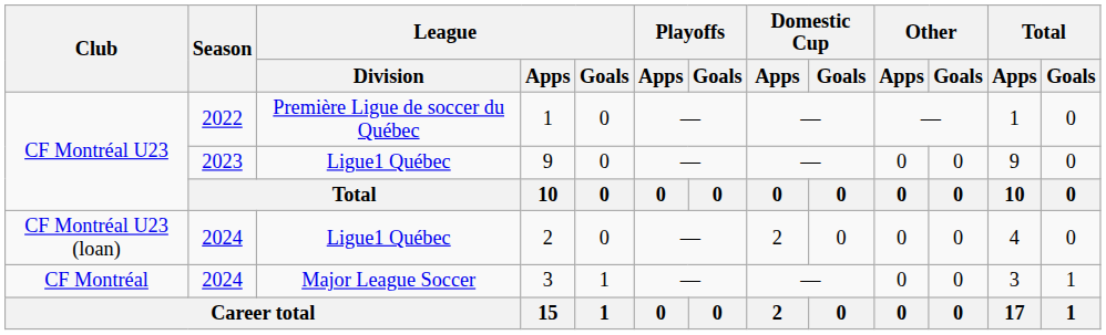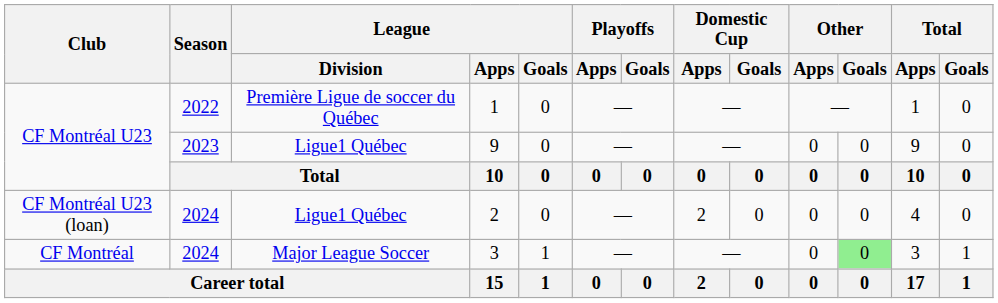 <table class="wikitable" style="text-align:center">
 <tr>
 <th rowspan="2">Club</th>
 <th rowspan="2">Season</th>
 <th colspan="3">League</th>
 <th colspan="2">Playoffs</th>
 <th colspan="2">Domestic Cup</th>
 <th colspan="2">Other</th>
 <th colspan="2">Total</th>
 </tr>
 <tr>
 <th>Division</th>
 <th>Apps</th>
 <th>Goals</th>
 <th>Apps</th>
 <th>Goals</th>
 <th>Apps</th>
 <th>Goals</th>
 <th>Apps</th>
 <th>Goals</th>
 <th>Apps</th>
 <th>Goals</th>
 </tr>
 <tr>
 <td rowspan="3"><a href='#'>CF Montréal U23</a></td>
 <td><a href='#'>2022</a></td>
 <td><a href='#'>Première Ligue de soccer du Québec</a></td>
 <td>1</td>
 <td>0</td>
 <td colspan="2">—</td>
 <td colspan="2">—</td>
 <td colspan="2">—</td>
 <td>1</td>
 <td>0</td>
 </tr>
 <tr>
 <td><a href='#'>2023</a></td>
 <td><a href='#'>Ligue1 Québec</a></td>
 <td>9</td>
 <td>0</td>
 <td colspan="2">—</td>
 <td colspan="2">—</td>
 <td>0</td>
 <td>0</td>
 <td>9</td>
 <td>0</td>
 </tr>
 <tr>
 <th colspan="2">Total</th>
 <th>10</th>
 <th>0</th>
 <th>0</th>
 <th>0</th>
 <th>0</th>
 <th>0</th>
 <th>0</th>
 <th>0</th>
 <th>10</th>
 <th>0</th>
 </tr>
 <tr>
 <td><a href='#'>CF Montréal U23</a> (loan)</td>
 <td><a href='#'>2024</a></td>
 <td><a href='#'>Ligue1 Québec</a></td>
 <td>2</td>
 <td>0</td>
 <td colspan="2">—</td>
 <td>2</td>
 <td>0</td>
 <td>0</td>
 <td>0</td>
 <td>4</td>
 <td>0</td>
 </tr>
 <tr>
 <td><a href='#'>CF Montréal</a></td>
 <td><a href='#'>2024</a></td>
 <td><a href='#'>Major League Soccer</a></td>
 <td>3</td>
 <td>1</td>
 <td colspan="2">—</td>
 <td colspan="2">—</td>
 <td>0</td>
-<td>0</td>
+<td style="background: lightgreen;">0</td>
 <td>3</td>
 <td>1</td>
 </tr>
 <tr>
 <th colspan="3">Career total</th>
 <th>15</th>
 <th>1</th>
 <th>0</th>
 <th>0</th>
 <th>2</th>
 <th>0</th>
 <th>0</th>
 <th>0</th>
 <th>17</th>
 <th>1</th>
 </tr>
 </table>
